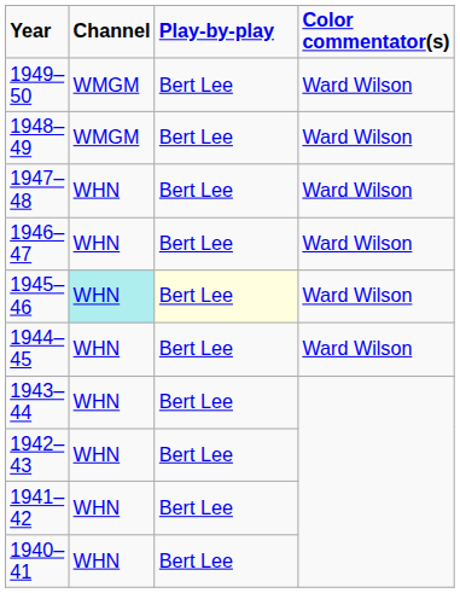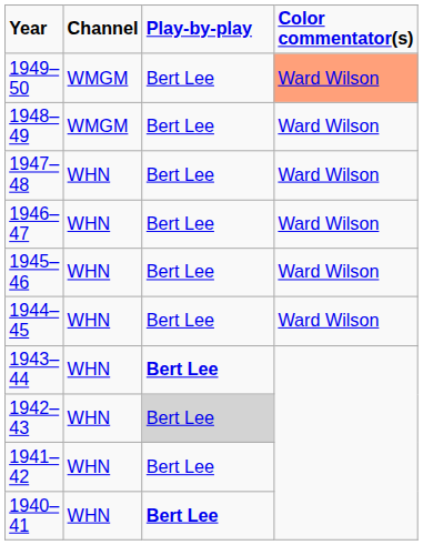 <table class="wikitable">
 <tr>
 <td width="40"><strong>Year</strong></td>
 <td width="40"><strong>Channel</strong></td>
 <td width="110"><strong><a href='#'>Play-by-play</a></strong></td>
 <td width="110"><strong><a href='#'>Color commentator</a>(s)</strong></td>
 </tr>
 <tr>
 <td><a href='#'>1949–50</a></td>
 <td><a href='#'>WMGM</a></td>
 <td><a href='#'>Bert Lee</a></td>
-<td><a href='#'>Ward Wilson</a></td>
+<td style="background: lightsalmon;"><a href='#'>Ward Wilson</a></td>
 </tr>
 <tr>
 <td><a href='#'>1948–49</a></td>
 <td><a href='#'>WMGM</a></td>
 <td><a href='#'>Bert Lee</a></td>
 <td><a href='#'>Ward Wilson</a></td>
 </tr>
 <tr>
 <td><a href='#'>1947–48</a></td>
 <td><a href='#'>WHN</a></td>
 <td><a href='#'>Bert Lee</a></td>
 <td><a href='#'>Ward Wilson</a></td>
 </tr>
 <tr>
 <td><a href='#'>1946–47</a></td>
 <td><a href='#'>WHN</a></td>
 <td><a href='#'>Bert Lee</a></td>
 <td><a href='#'>Ward Wilson</a></td>
 </tr>
 <tr>
 <td><a href='#'>1945–46</a></td>
-<td style="background: paleturquoise;"><a href='#'>WHN</a></td>
-<td style="background: lightyellow;"><a href='#'>Bert Lee</a></td>
+<td><a href='#'>WHN</a></td>
+<td><a href='#'>Bert Lee</a></td>
 <td><a href='#'>Ward Wilson</a></td>
 </tr>
 <tr>
 <td><a href='#'>1944–45</a></td>
 <td><a href='#'>WHN</a></td>
 <td><a href='#'>Bert Lee</a></td>
 <td><a href='#'>Ward Wilson</a></td>
 </tr>
 <tr>
 <td><a href='#'>1943–44</a></td>
 <td><a href='#'>WHN</a></td>
-<td><a href='#'>Bert Lee</a></td>
+<td><strong><a href='#'>Bert Lee</a></strong></td>
 </tr>
 <tr>
 <td><a href='#'>1942–43</a></td>
 <td><a href='#'>WHN</a></td>
-<td><a href='#'>Bert Lee</a></td>
+<td style="background: lightgrey;"><a href='#'>Bert Lee</a></td>
 </tr>
 <tr>
 <td><a href='#'>1941–42</a></td>
 <td><a href='#'>WHN</a></td>
 <td><a href='#'>Bert Lee</a></td>
 </tr>
 <tr>
 <td><a href='#'>1940–41</a></td>
 <td><a href='#'>WHN</a></td>
-<td><a href='#'>Bert Lee</a></td>
+<td><strong><a href='#'>Bert Lee</a></strong></td>
 </tr>
 </table>
